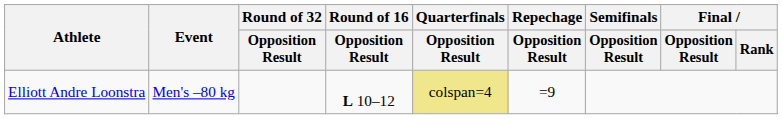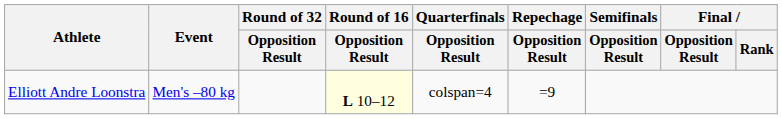 <table class="wikitable" style="font-size:90%;">
 <tr>
 <th rowspan=2>Athlete</th>
 <th rowspan=2>Event</th>
 <th>Round of 32</th>
 <th>Round of 16</th>
 <th>Quarterfinals</th>
 <th>Repechage</th>
 <th>Semifinals</th>
 <th colspan=2>Final / </th>
 </tr>
 <tr style="font-size:95%">
 <th>Opposition<br>Result</th>
 <th>Opposition<br>Result</th>
 <th>Opposition<br>Result</th>
 <th>Opposition<br>Result</th>
 <th>Opposition<br>Result</th>
 <th>Opposition<br>Result</th>
 <th>Rank</th>
 </tr>
 <tr align=center>
 <td align=left><a href='#'>Elliott Andre Loonstra</a></td>
 <td align=left><a href='#'>Men's –80 kg</a></td>
 <td></td>
-<td><br><strong>L</strong> 10–12</td>
-<td style="background: khaki;">colspan=4 </td>
+<td style="background: lightyellow;"><br><strong>L</strong> 10–12</td>
+<td>colspan=4 </td>
 <td>=9</td>
 </tr>
 </table>
